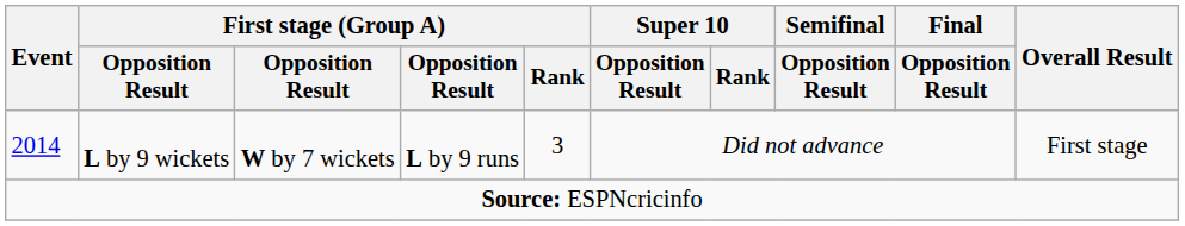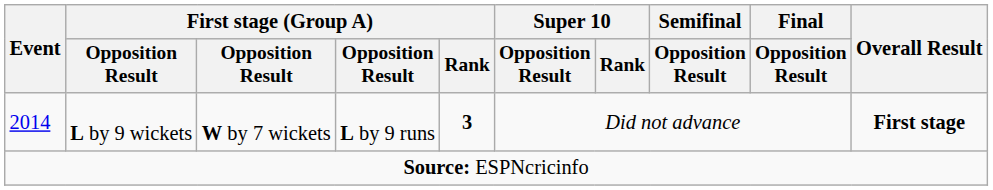 <table class=wikitable style=font-size:90%;text-align:center>
 <tr>
 <th rowspan=2>Event</th>
 <th colspan=4>First stage (Group A)</th>
 <th colspan=2>Super 10</th>
 <th>Semifinal</th>
 <th>Final</th>
 <th rowspan=2>Overall Result</th>
 </tr>
 <tr style=font-size:95%>
 <th>Opposition<br>Result</th>
 <th>Opposition<br>Result</th>
 <th>Opposition<br>Result</th>
 <th>Rank</th>
 <th>Opposition<br>Result</th>
 <th>Rank</th>
 <th>Opposition<br>Result</th>
 <th>Opposition<br>Result</th>
 </tr>
 <tr>
 <td align=left><a href='#'>2014</a></td>
 <td><br><strong>L</strong> by 9 wickets</td>
 <td><br><strong>W</strong> by 7 wickets</td>
 <td><br><strong>L</strong> by 9 runs</td>
-<td>3</td>
+<td><strong>3</strong></td>
 <td colspan=4><em>Did not advance</em></td>
-<td>First stage</td>
+<td><strong>First stage</strong></td>
 </tr>
 <tr>
 <td colspan="11"><strong>Source:</strong> ESPNcricinfo</td>
 </tr>
 </table>
